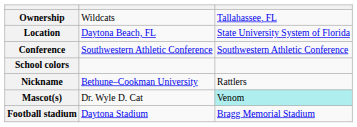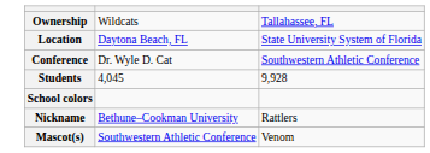 <table class="wikitable" style="float:right; clear:right; margin-left:1em; font-size:88%;">
 <tr>
 <th></th>
 <th><a href='#'></a></th>
 <th><a href='#'></a></th>
 </tr>
 <tr>
 <th scope=row>Ownership</th>
 <td>Wildcats</td>
 <td><a href='#'>Tallahassee, FL</a></td>
 </tr>
 <tr>
 <th scope=row>Location</th>
 <td><a href='#'>Daytona Beach, FL</a></td>
 <td><a href='#'>State University System of Florida</a></td>
 </tr>
 <tr>
 <th scope=row>Conference</th>
+<td>Dr. Wyle D. Cat</td>
 <td><a href='#'>Southwestern Athletic Conference</a></td>
-<td><a href='#'>Southwestern Athletic Conference</a></td>
+</tr>
+<tr>
+<th scope=row>Students</th>
+<td>4,045</td>
+<td>9,928</td>
 </tr>
 <tr>
 <th scope=row>School colors</th>
 <td> </td>
 <td> </td>
 </tr>
 <tr>
 <th scope=row>Nickname</th>
 <td><a href='#'>Bethune–Cookman University</a></td>
 <td>Rattlers</td>
 </tr>
 <tr>
 <th scope=row>Mascot(s)</th>
-<td>Dr. Wyle D. Cat</td>
-<td style="background: paleturquoise;">Venom</td>
-</tr>
-<tr>
-<th scope=row>Football stadium</th>
-<td><a href='#'>Daytona Stadium</a></td>
-<td><a href='#'>Bragg Memorial Stadium</a></td>
+<td><a href='#'>Southwestern Athletic Conference</a></td>
+<td>Venom</td>
 </tr>
 </table>
